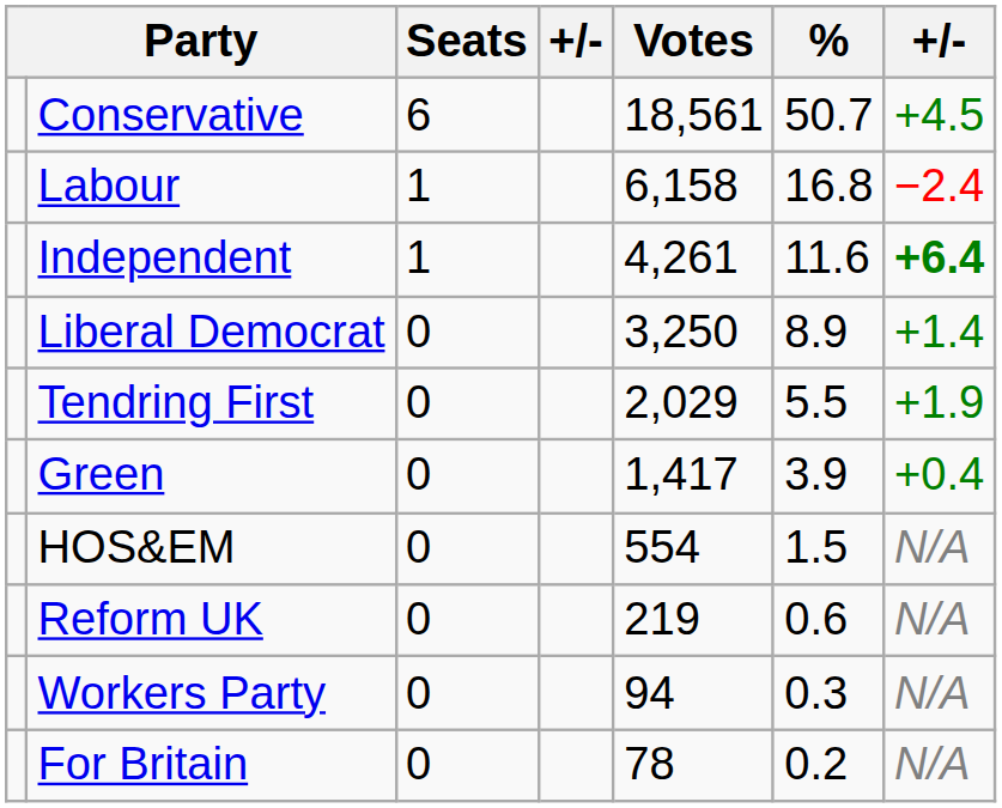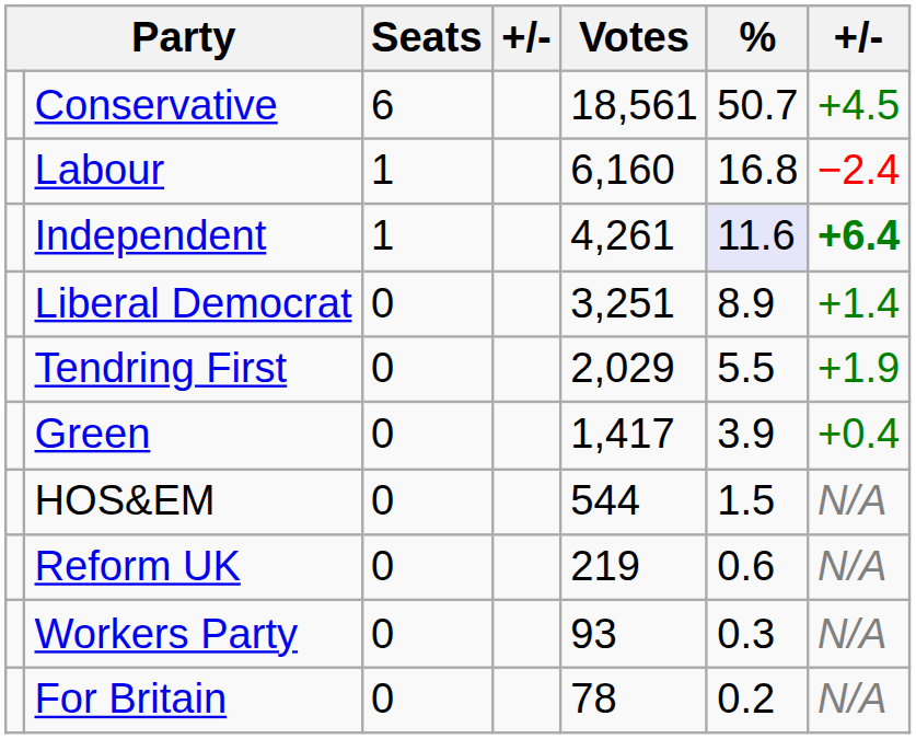 <table class="wikitable sortable">
 <tr>
 <th colspan="2">Party</th>
 <th>Seats</th>
 <th>+/-</th>
 <th>Votes</th>
 <th>%</th>
 <th>+/-</th>
 </tr>
 <tr>
 <td style="background-color: "></td>
 <td><a href='#'>Conservative</a></td>
 <td>6</td>
 <td></td>
 <td>18,561</td>
 <td>50.7</td>
 <td style="color:green">+4.5</td>
 </tr>
 <tr>
 <td style="background-color: "></td>
 <td><a href='#'>Labour</a></td>
 <td>1</td>
 <td></td>
-<td>6,158</td>
+<td>6,160</td>
 <td>16.8</td>
 <td style="color:red">−2.4</td>
 </tr>
 <tr>
 <td style="background-color: "></td>
 <td><a href='#'>Independent</a></td>
 <td>1</td>
 <td></td>
 <td>4,261</td>
-<td>11.6</td>
+<td style="background: lavender;">11.6</td>
 <td style="color:green"><strong>+6.4</strong></td>
 </tr>
 <tr>
 <td style="background-color: "></td>
 <td><a href='#'>Liberal Democrat</a></td>
 <td>0</td>
 <td></td>
-<td>3,250</td>
+<td>3,251</td>
 <td>8.9</td>
 <td style="color:green">+1.4</td>
 </tr>
 <tr>
 <td style="background-color: "></td>
 <td><a href='#'>Tendring First</a></td>
 <td>0</td>
 <td></td>
 <td>2,029</td>
 <td>5.5</td>
 <td style="color:green">+1.9</td>
 </tr>
 <tr>
 <td style="background-color: "></td>
 <td><a href='#'>Green</a></td>
 <td>0</td>
 <td></td>
 <td>1,417</td>
 <td>3.9</td>
 <td style="color:green">+0.4</td>
 </tr>
 <tr>
 <td style="background-color: "></td>
 <td>HOS&EM</td>
 <td>0</td>
 <td></td>
-<td>554</td>
+<td>544</td>
 <td>1.5</td>
 <td style="color:grey"><em>N/A</em></td>
 </tr>
 <tr>
 <td style="background-color: "></td>
 <td><a href='#'>Reform UK</a></td>
 <td>0</td>
 <td></td>
 <td>219</td>
 <td>0.6</td>
 <td style="color:grey"><em>N/A</em></td>
 </tr>
 <tr>
 <td style="background-color: "></td>
 <td><a href='#'>Workers Party</a></td>
 <td>0</td>
 <td></td>
-<td>94</td>
+<td>93</td>
 <td>0.3</td>
 <td style="color:grey"><em>N/A</em></td>
 </tr>
 <tr>
 <td style="background-color: "></td>
 <td><a href='#'>For Britain</a></td>
 <td>0</td>
 <td></td>
 <td>78</td>
 <td>0.2</td>
 <td style="color:grey"><em>N/A</em></td>
 </tr>
 </table>
